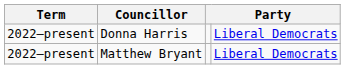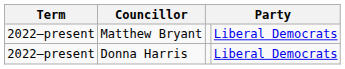 <table class="wikitable">
 <tr>
 <th>Term</th>
 <th>Councillor</th>
 <th colspan="2">Party</th>
 </tr>
 <tr>
 <td>2022–present</td>
-<td>Donna Harris</td>
+<td>Matthew Bryant</td>
 <td rowspan="1;" style="background-color: "></td>
 <td><a href='#'>Liberal Democrats</a></td>
 </tr>
 <tr>
 <td>2022–present</td>
-<td>Matthew Bryant</td>
+<td>Donna Harris</td>
 <td rowspan="1;" style="background-color: "></td>
 <td><a href='#'>Liberal Democrats</a></td>
 </tr>
 </table>
